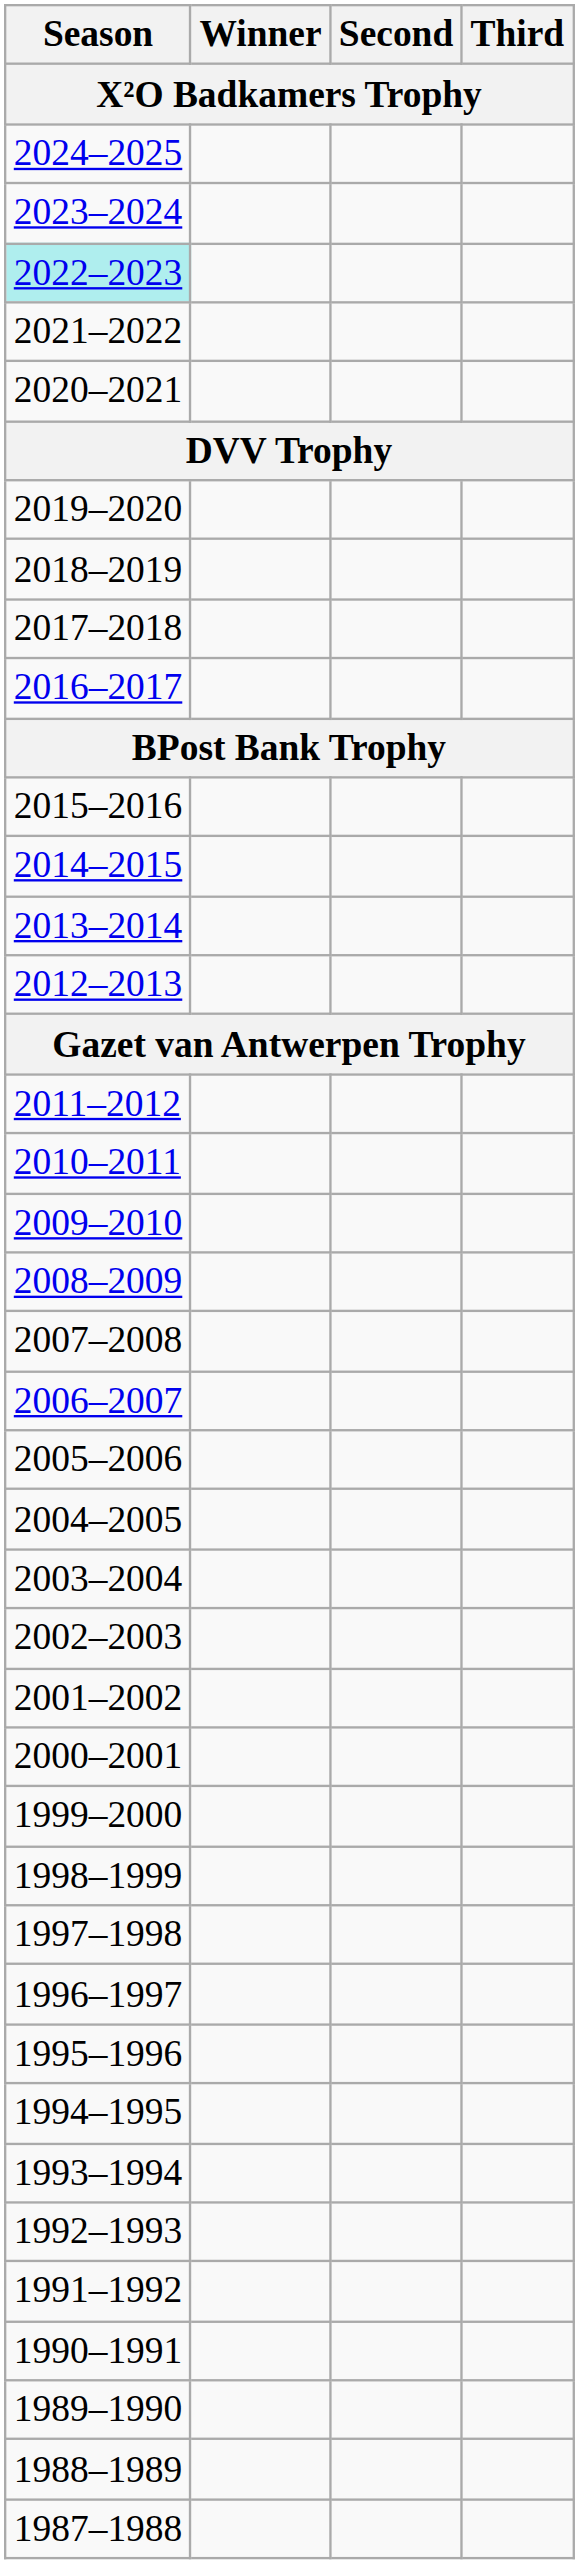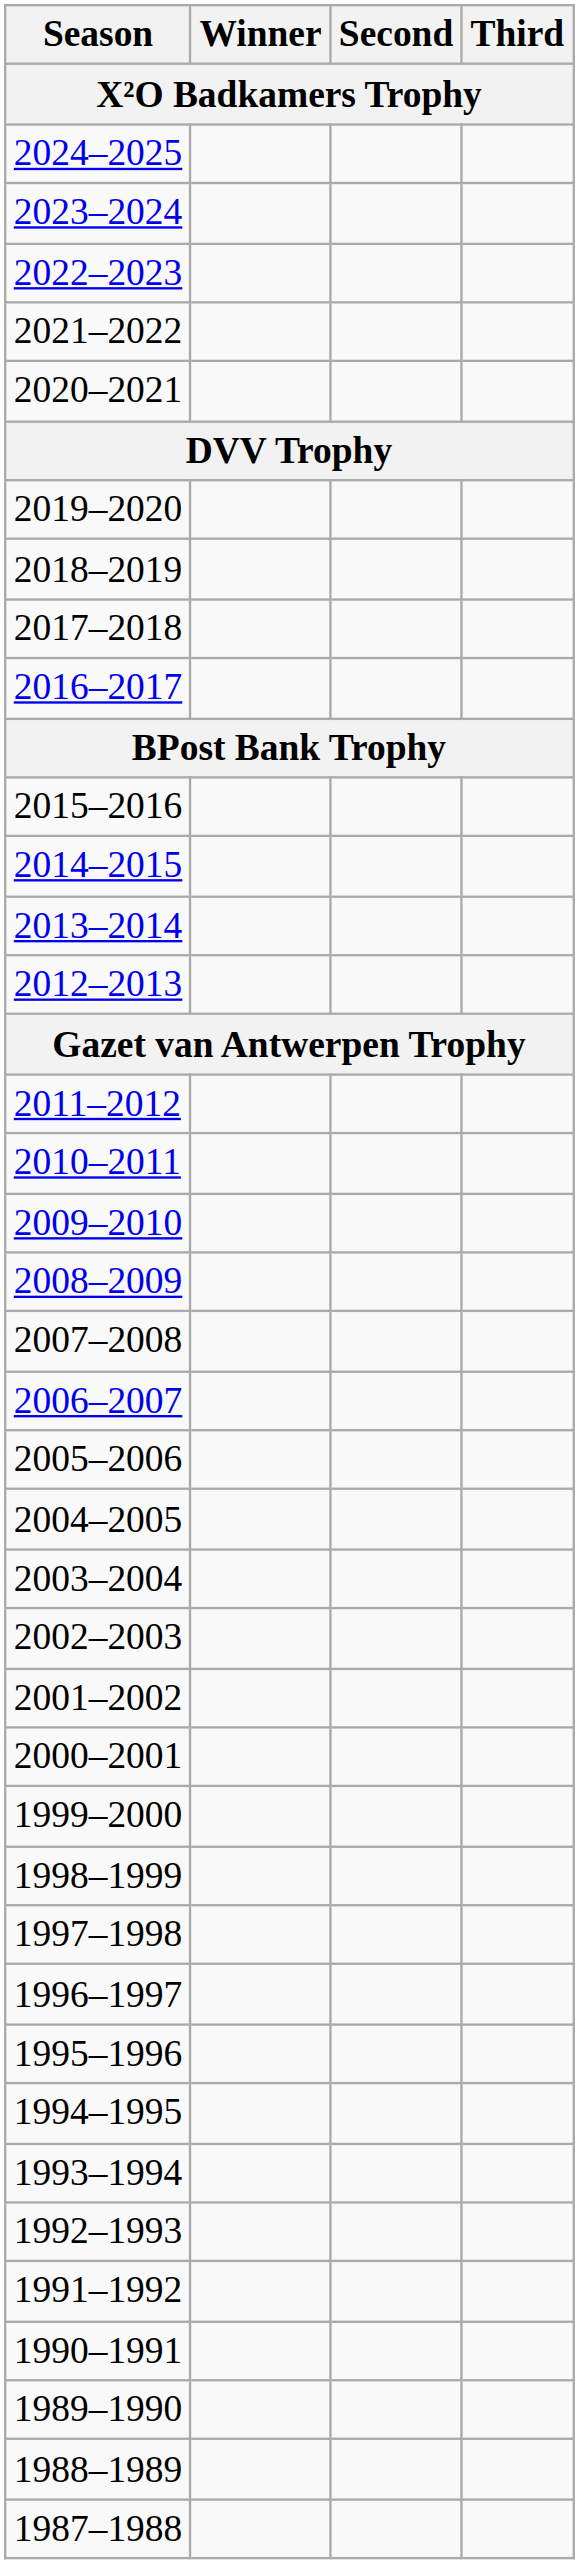 <table class="wikitable">
 <tr>
 <th>Season</th>
 <th>Winner</th>
 <th>Second</th>
 <th>Third</th>
 </tr>
 <tr>
 <th colspan="4">X²O Badkamers Trophy</th>
 </tr>
 <tr>
 <td><a href='#'>2024–2025</a></td>
 <td></td>
 <td></td>
 <td></td>
 </tr>
 <tr>
 <td><a href='#'>2023–2024</a></td>
 <td></td>
 <td></td>
 <td></td>
 </tr>
 <tr>
-<td style="background: paleturquoise;"><a href='#'>2022–2023</a></td>
+<td><a href='#'>2022–2023</a></td>
 <td></td>
 <td></td>
 <td></td>
 </tr>
 <tr>
 <td>2021–2022</td>
 <td></td>
 <td></td>
 <td></td>
 </tr>
 <tr>
 <td>2020–2021</td>
 <td></td>
 <td></td>
 <td></td>
 </tr>
 <tr>
 <th colspan="4">DVV Trophy</th>
 </tr>
 <tr>
 <td>2019–2020</td>
 <td></td>
 <td></td>
 <td></td>
 </tr>
 <tr>
 <td>2018–2019</td>
 <td></td>
 <td></td>
 <td></td>
 </tr>
 <tr>
 <td>2017–2018</td>
 <td></td>
 <td></td>
 <td></td>
 </tr>
 <tr>
 <td><a href='#'>2016–2017</a></td>
 <td></td>
 <td></td>
 <td></td>
 </tr>
 <tr>
 <th colspan="4">BPost Bank Trophy</th>
 </tr>
 <tr>
 <td>2015–2016</td>
 <td></td>
 <td></td>
 <td></td>
 </tr>
 <tr>
 <td><a href='#'>2014–2015</a></td>
 <td></td>
 <td></td>
 <td></td>
 </tr>
 <tr>
 <td><a href='#'>2013–2014</a></td>
 <td></td>
 <td></td>
 <td></td>
 </tr>
 <tr>
 <td><a href='#'>2012–2013</a></td>
 <td></td>
 <td></td>
 <td></td>
 </tr>
 <tr>
 <th colspan="4">Gazet van Antwerpen Trophy</th>
 </tr>
 <tr>
 <td><a href='#'>2011–2012</a></td>
 <td></td>
 <td></td>
 <td></td>
 </tr>
 <tr>
 <td><a href='#'>2010–2011</a></td>
 <td></td>
 <td></td>
 <td></td>
 </tr>
 <tr>
 <td><a href='#'>2009–2010</a></td>
 <td></td>
 <td></td>
 <td></td>
 </tr>
 <tr>
 <td><a href='#'>2008–2009</a></td>
 <td></td>
 <td></td>
 <td></td>
 </tr>
 <tr>
 <td>2007–2008</td>
 <td></td>
 <td></td>
 <td></td>
 </tr>
 <tr>
 <td><a href='#'>2006–2007</a></td>
 <td></td>
 <td></td>
 <td></td>
 </tr>
 <tr>
 <td>2005–2006</td>
 <td></td>
 <td></td>
 <td></td>
 </tr>
 <tr>
 <td>2004–2005</td>
 <td></td>
 <td></td>
 <td></td>
 </tr>
 <tr>
 <td>2003–2004</td>
 <td></td>
 <td></td>
 <td></td>
 </tr>
 <tr>
 <td>2002–2003</td>
 <td></td>
 <td></td>
 <td></td>
 </tr>
 <tr>
 <td>2001–2002</td>
 <td></td>
 <td></td>
 <td></td>
 </tr>
 <tr>
 <td>2000–2001</td>
 <td></td>
 <td></td>
 <td></td>
 </tr>
 <tr>
 <td>1999–2000</td>
 <td></td>
 <td></td>
 <td></td>
 </tr>
 <tr>
 <td>1998–1999</td>
 <td></td>
 <td></td>
 <td></td>
 </tr>
 <tr>
 <td>1997–1998</td>
 <td></td>
 <td></td>
 <td></td>
 </tr>
 <tr>
 <td>1996–1997</td>
 <td></td>
 <td></td>
 <td></td>
 </tr>
 <tr>
 <td>1995–1996</td>
 <td></td>
 <td></td>
 <td></td>
 </tr>
 <tr>
 <td>1994–1995</td>
 <td></td>
 <td></td>
 <td></td>
 </tr>
 <tr>
 <td>1993–1994</td>
 <td></td>
 <td></td>
 <td></td>
 </tr>
 <tr>
 <td>1992–1993</td>
 <td></td>
 <td></td>
 <td></td>
 </tr>
 <tr>
 <td>1991–1992</td>
 <td></td>
 <td></td>
 <td></td>
 </tr>
 <tr>
 <td>1990–1991</td>
 <td></td>
 <td></td>
 <td></td>
 </tr>
 <tr>
 <td>1989–1990</td>
 <td></td>
 <td></td>
 <td></td>
 </tr>
 <tr>
 <td>1988–1989</td>
 <td></td>
 <td></td>
 <td></td>
 </tr>
 <tr>
 <td>1987–1988</td>
 <td></td>
 <td></td>
 <td></td>
 </tr>
 </table>
